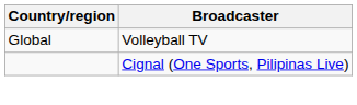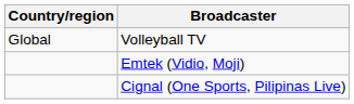 <table class="wikitable">
 <tr>
 <th>Country/region</th>
 <th>Broadcaster</th>
 </tr>
 <tr>
 <td>Global</td>
 <td>Volleyball TV</td>
 </tr>
 <tr>
 <td></td>
+<td><a href='#'>Emtek</a> (<a href='#'>Vidio</a>, <a href='#'>Moji</a>)</td>
+</tr>
+<tr>
+<td></td>
 <td><a href='#'>Cignal</a> (<a href='#'>One Sports</a>, <a href='#'>Pilipinas Live</a>)</td>
 </tr>
 </table>
